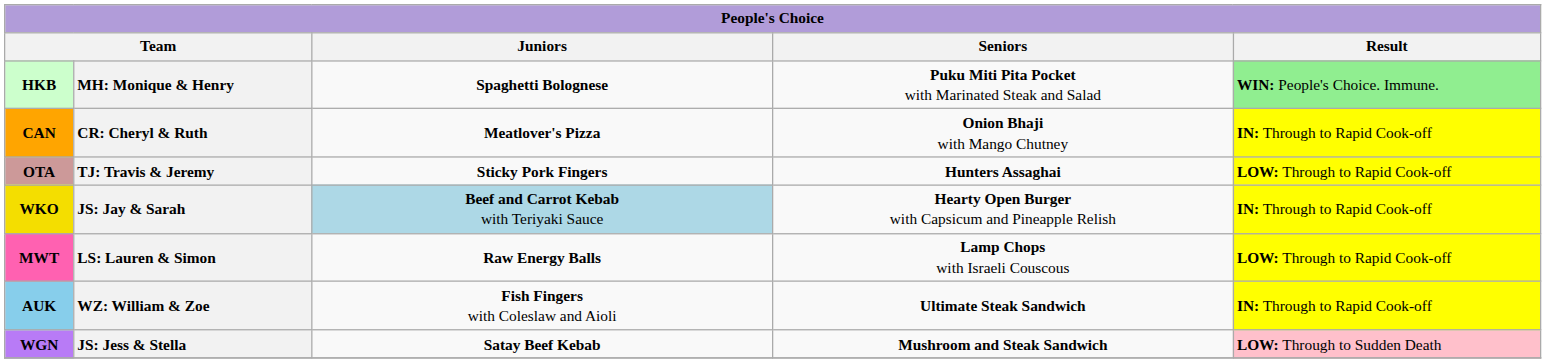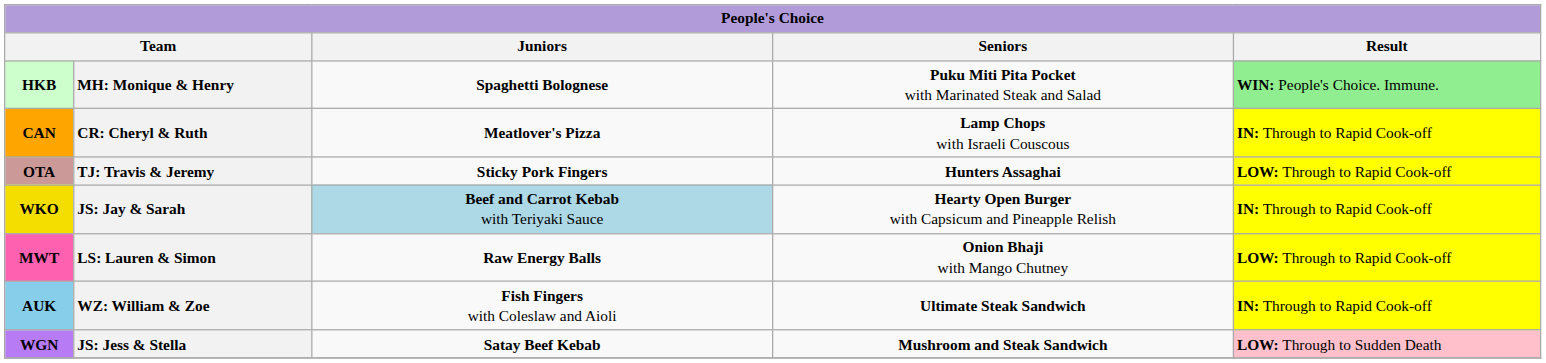 <table class="wikitable" style="text-align: center; font-size: 9pt; line-height:16px; width:95%">
 <tr>
 <th colspan="7" style="background:#b19cd9; ">People's Choice</th>
 </tr>
 <tr>
 <th style="width:20%;" colspan="2">Team</th>
 <th style="width:30%;">Juniors</th>
 <th style="width:30%;">Seniors</th>
 <th style="width:20%;">Result</th>
 </tr>
 <tr>
 <td scope="row" align="center" style="background:#CCFFCC;"><strong>HKB</strong></td>
 <th scope="row" style="text-align:left;">MH: Monique & Henry</th>
 <td style="text-align:center;"><strong>Spaghetti Bolognese</strong></td>
 <td><strong>Puku Miti Pita Pocket</strong><br>with Marinated Steak and Salad</td>
 <td scope="row" style="text-align:left;" bgcolor="lightgreen"><strong>WIN:</strong> People's Choice. Immune.</td>
 </tr>
 <tr>
 <td scope="row" align="center" style="background:orange;"><strong>CAN</strong></td>
 <th scope="row" style="text-align:left;">CR: Cheryl & Ruth</th>
 <td style="text-align:center;"><strong>Meatlover's Pizza</strong></td>
-<td><strong>Onion Bhaji</strong><br>with Mango Chutney</td>
+<td><strong>Lamp Chops</strong><br>with Israeli Couscous</td>
 <td scope="row" style="text-align:left;" bgcolor="yellow"><strong>IN:</strong> Through to Rapid Cook-off</td>
 </tr>
 <tr>
 <td scope="row" align="center" style="background-color:#CC9999;"><strong>OTA</strong></td>
 <th scope="row" style="text-align:left;">TJ: Travis & Jeremy</th>
 <td style="text-align:center;"><strong>Sticky Pork Fingers</strong></td>
 <td><strong>Hunters Assaghai</strong></td>
 <td scope="row" style="text-align:left;" bgcolor="yellow"><strong>LOW:</strong> Through to Rapid Cook-off</td>
 </tr>
 <tr>
 <td scope="row" align="center" style='background:#F4DE00;'><strong>WKO</strong></td>
 <th scope="row" style="text-align:left;">JS: Jay & Sarah</th>
 <td style="background: lightblue; text-align:center;"><strong>Beef and Carrot Kebab</strong><br>with Teriyaki Sauce</td>
 <td><strong>Hearty Open Burger</strong><br>with Capsicum and Pineapple Relish</td>
 <td scope="row" style="text-align:left;" bgcolor="yellow"><strong>IN:</strong> Through to Rapid Cook-off</td>
 </tr>
 <tr>
 <td scope="row" align="center" style="background:#FF61B1;"><strong>MWT</strong></td>
 <th scope="row" style="text-align:left;">LS: Lauren & Simon</th>
 <td style="text-align:center;"><strong>Raw Energy Balls</strong></td>
-<td><strong>Lamp Chops</strong><br>with Israeli Couscous</td>
+<td><strong>Onion Bhaji</strong><br>with Mango Chutney</td>
 <td scope="row" style="text-align:left;" bgcolor="yellow"><strong>LOW:</strong> Through to Rapid Cook-off</td>
 </tr>
 <tr>
 <td scope="row" align="center" style="background-color:skyblue;"><strong>AUK</strong></td>
 <th scope="row" style="text-align:left;">WZ: William & Zoe</th>
 <td style="text-align:center;"><strong>Fish Fingers</strong><br>with Coleslaw and Aioli</td>
 <td><strong>Ultimate Steak Sandwich</strong></td>
 <td scope="row" style="text-align:left;" bgcolor="yellow"><strong>IN:</strong> Through to Rapid Cook-off</td>
 </tr>
 <tr>
 <td scope="row" align="center" style='background:#B87BF6;'><strong>WGN</strong></td>
 <th scope="row" style="text-align:left;">JS: Jess & Stella</th>
 <td style="text-align:center;"><strong>Satay Beef Kebab</strong></td>
 <td><strong>Mushroom and Steak Sandwich</strong></td>
 <td scope="row" style="text-align:left;" bgcolor="pink"><strong>LOW:</strong> Through to Sudden Death</td>
 </tr>
 <tr>
 </tr>
 </table>
